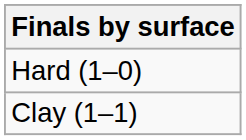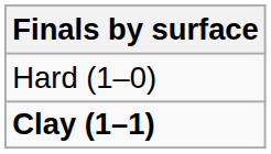 <table class="wikitable" style="font-size:90%">
 <tr>
 <th>Finals by surface</th>
 </tr>
 <tr>
 <td>Hard (1–0)</td>
 </tr>
 <tr>
-<td>Clay (1–1)</td>
+<td><strong>Clay (1–1)</strong></td>
 </tr>
 </table>
